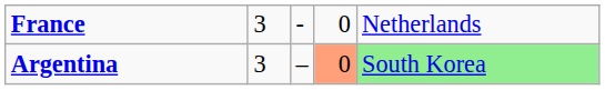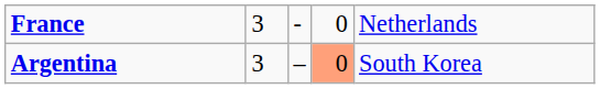 <table class="wikitable">
 <tr>
 <td width=150> <strong><a href='#'>France</a></strong></td>
 <td style="width:20px; text-align:left;">3</td>
 <td>-</td>
 <td style="width:20px; text-align:right;">0</td>
 <td width=150> <a href='#'>Netherlands</a></td>
 </tr>
 <tr>
 <td> <strong><a href='#'>Argentina</a></strong></td>
 <td style="text-align:left;">3</td>
 <td>–</td>
 <td style="background: lightsalmon; text-align:right;">0</td>
-<td style="background: lightgreen;"> <a href='#'>South Korea</a></td>
+<td> <a href='#'>South Korea</a></td>
 </tr>
 </table>
